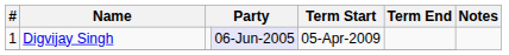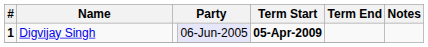 <table class="wikitable sortable">
 <tr>
 <th>#</th>
 <th style="width:200px">Name</th>
 <th colspan="2">Party</th>
 <th>Term Start</th>
 <th>Term End</th>
 <th>Notes</th>
 </tr>
 <tr>
-<td>1</td>
+<td><strong>1</strong></td>
 <td><a href='#'>Digvijay Singh</a></td>
 <td></td>
 <td style="background: lavender;">06-Jun-2005</td>
-<td>05-Apr-2009</td>
+<td><strong>05-Apr-2009</strong></td>
 <td></td>
 </tr>
 <tr>
 </tr>
 </table>
